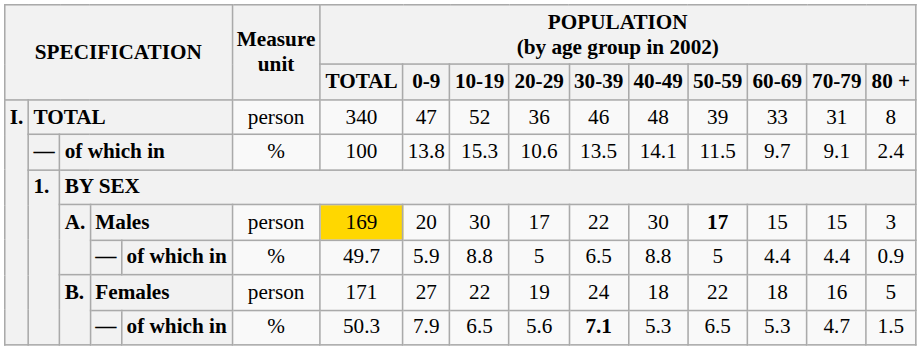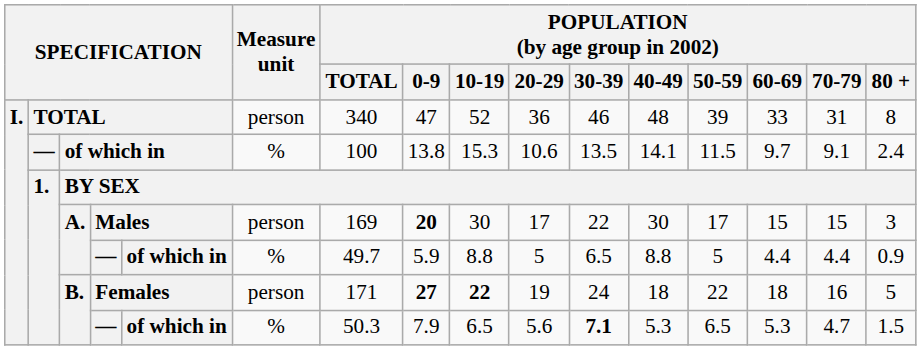 <table class="wikitable" style="font-size:85%; text-align:center">
 <tr>
 <th rowspan="2" colspan="5">SPECIFICATION</th>
 <th rowspan="2">Measure<br> unit</th>
 <th colspan="10" rowspan="1">POPULATION<br> (by age group in 2002)</th>
 </tr>
 <tr>
 <th>TOTAL</th>
 <th>0-9</th>
 <th>10-19</th>
 <th>20-29</th>
 <th>30-39</th>
 <th>40-49</th>
 <th>50-59</th>
 <th>60-69</th>
 <th>70-79</th>
 <th>80 +</th>
 </tr>
 <tr>
 <th style="text-align:left" valign="top" rowspan="7">I.</th>
 <th style="text-align:left" colspan="4">TOTAL</th>
 <td>person</td>
 <td>340</td>
 <td>47</td>
 <td>52</td>
 <td>36</td>
 <td>46</td>
 <td>48</td>
 <td>39</td>
 <td>33</td>
 <td>31</td>
 <td>8</td>
 </tr>
 <tr>
 <th style="text-align:left" valign="top">—</th>
 <th style="text-align:left" colspan="3">of which in</th>
 <td>%</td>
 <td>100</td>
 <td>13.8</td>
 <td>15.3</td>
 <td>10.6</td>
 <td>13.5</td>
 <td>14.1</td>
 <td>11.5</td>
 <td>9.7</td>
 <td>9.1</td>
 <td>2.4</td>
 </tr>
 <tr>
 <th style="text-align:left" valign="top" rowspan="5">1.</th>
 <th style="text-align:left" colspan="14">BY SEX</th>
 </tr>
 <tr>
 <th style="text-align:left" valign="top" rowspan="2">A.</th>
 <th style="text-align:left" colspan="2">Males</th>
 <td>person</td>
-<td style="background: gold;">169</td>
-<td>20</td>
+<td>169</td>
+<td><strong>20</strong></td>
 <td>30</td>
 <td>17</td>
 <td>22</td>
 <td>30</td>
-<td><strong>17</strong></td>
+<td>17</td>
 <td>15</td>
 <td>15</td>
 <td>3</td>
 </tr>
 <tr>
 <th style="text-align:left" valign="top">—</th>
 <th style="text-align:left" colspan="1">of which in</th>
 <td>%</td>
 <td>49.7</td>
 <td>5.9</td>
 <td>8.8</td>
 <td>5</td>
 <td>6.5</td>
 <td>8.8</td>
 <td>5</td>
 <td>4.4</td>
 <td>4.4</td>
 <td>0.9</td>
 </tr>
 <tr>
 <th style="text-align:left" valign="top" rowspan="2">B.</th>
 <th style="text-align:left" colspan="2">Females</th>
 <td>person</td>
 <td>171</td>
-<td>27</td>
-<td>22</td>
+<td><strong>27</strong></td>
+<td><strong>22</strong></td>
 <td>19</td>
 <td>24</td>
 <td>18</td>
 <td>22</td>
 <td>18</td>
 <td>16</td>
 <td>5</td>
 </tr>
 <tr>
 <th style="text-align:left" valign="top">—</th>
 <th style="text-align:left" colspan="1">of which in</th>
 <td>%</td>
 <td>50.3</td>
 <td>7.9</td>
 <td>6.5</td>
 <td>5.6</td>
 <td><strong>7.1</strong></td>
 <td>5.3</td>
 <td>6.5</td>
 <td>5.3</td>
 <td>4.7</td>
 <td>1.5</td>
 </tr>
 </table>
